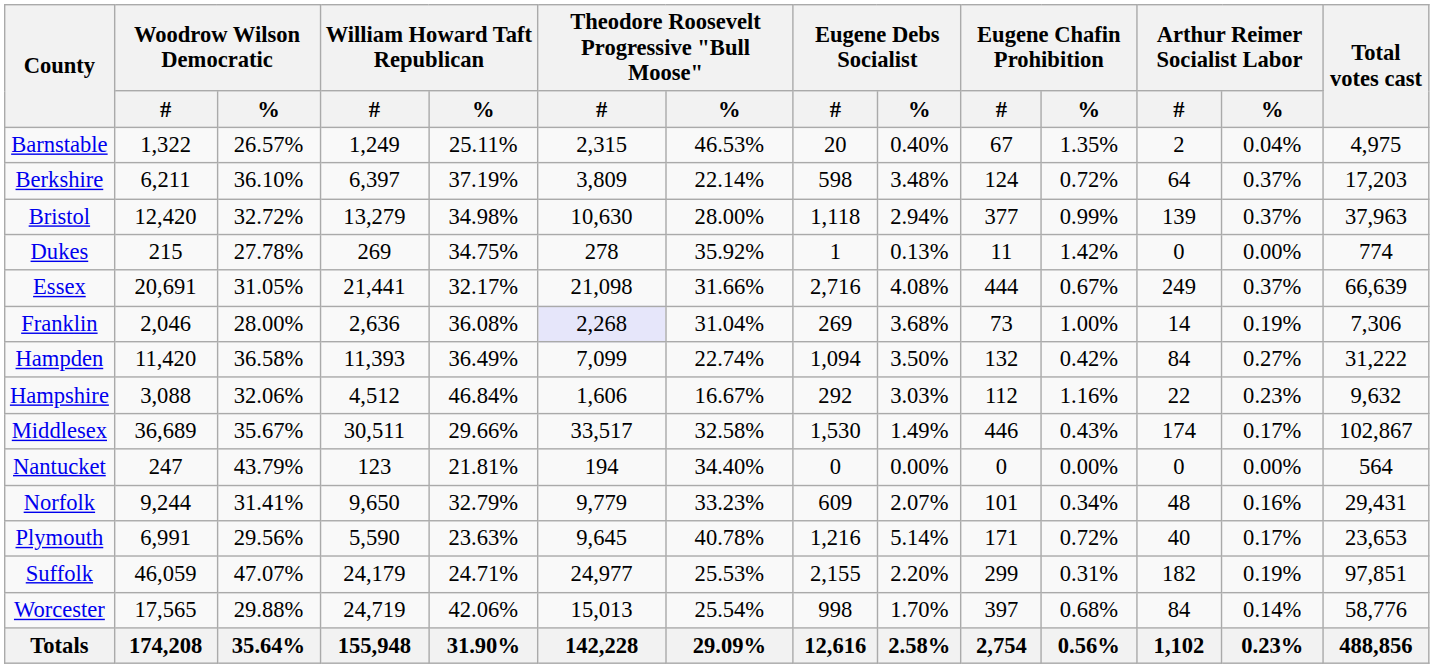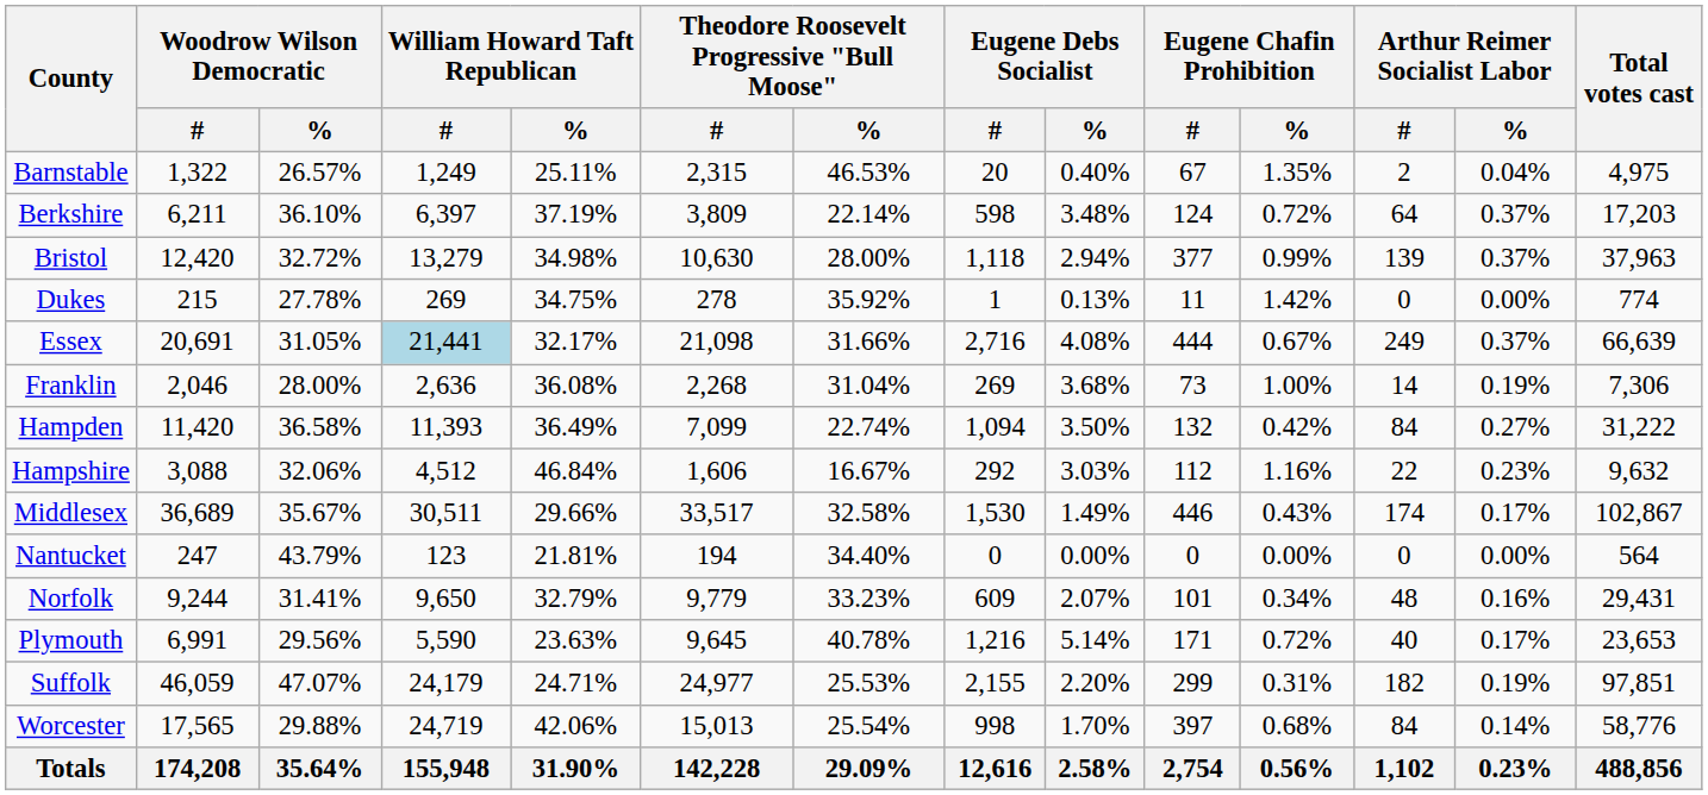 <table width="80%" class="wikitable sortable">
 <tr>
 <th rowspan="2">County</th>
 <th colspan="2">Woodrow Wilson Democratic</th>
 <th colspan="2">William Howard Taft Republican</th>
 <th colspan="2">Theodore Roosevelt Progressive "Bull Moose"</th>
 <th colspan="2">Eugene Debs Socialist</th>
 <th colspan="2">Eugene Chafin Prohibition</th>
 <th colspan="2">Arthur Reimer Socialist Labor</th>
 <th rowspan="2">Total votes cast</th>
 </tr>
 <tr>
 <th>#</th>
 <th>%</th>
 <th>#</th>
 <th>%</th>
 <th>#</th>
 <th>%</th>
 <th>#</th>
 <th>%</th>
 <th>#</th>
 <th>%</th>
 <th>#</th>
 <th>%</th>
 </tr>
 <tr style="text-align:center;">
 <td><a href='#'>Barnstable</a></td>
 <td>1,322</td>
 <td>26.57%</td>
 <td>1,249</td>
 <td>25.11%</td>
 <td>2,315</td>
 <td>46.53%</td>
 <td>20</td>
 <td>0.40%</td>
 <td>67</td>
 <td>1.35%</td>
 <td>2</td>
 <td>0.04%</td>
 <td>4,975</td>
 </tr>
 <tr style="text-align:center;">
 <td><a href='#'>Berkshire</a></td>
 <td>6,211</td>
 <td>36.10%</td>
 <td>6,397</td>
 <td>37.19%</td>
 <td>3,809</td>
 <td>22.14%</td>
 <td>598</td>
 <td>3.48%</td>
 <td>124</td>
 <td>0.72%</td>
 <td>64</td>
 <td>0.37%</td>
 <td>17,203</td>
 </tr>
 <tr style="text-align:center;">
 <td><a href='#'>Bristol</a></td>
 <td>12,420</td>
 <td>32.72%</td>
 <td>13,279</td>
 <td>34.98%</td>
 <td>10,630</td>
 <td>28.00%</td>
 <td>1,118</td>
 <td>2.94%</td>
 <td>377</td>
 <td>0.99%</td>
 <td>139</td>
 <td>0.37%</td>
 <td>37,963</td>
 </tr>
 <tr style="text-align:center;">
 <td><a href='#'>Dukes</a></td>
 <td>215</td>
 <td>27.78%</td>
 <td>269</td>
 <td>34.75%</td>
 <td>278</td>
 <td>35.92%</td>
 <td>1</td>
 <td>0.13%</td>
 <td>11</td>
 <td>1.42%</td>
 <td>0</td>
 <td>0.00%</td>
 <td>774</td>
 </tr>
 <tr style="text-align:center;">
 <td><a href='#'>Essex</a></td>
 <td>20,691</td>
 <td>31.05%</td>
-<td>21,441</td>
+<td style="background: lightblue;">21,441</td>
 <td>32.17%</td>
 <td>21,098</td>
 <td>31.66%</td>
 <td>2,716</td>
 <td>4.08%</td>
 <td>444</td>
 <td>0.67%</td>
 <td>249</td>
 <td>0.37%</td>
 <td>66,639</td>
 </tr>
 <tr style="text-align:center;">
 <td><a href='#'>Franklin</a></td>
 <td>2,046</td>
 <td>28.00%</td>
 <td>2,636</td>
 <td>36.08%</td>
-<td style="background: lavender;">2,268</td>
+<td>2,268</td>
 <td>31.04%</td>
 <td>269</td>
 <td>3.68%</td>
 <td>73</td>
 <td>1.00%</td>
 <td>14</td>
 <td>0.19%</td>
 <td>7,306</td>
 </tr>
 <tr style="text-align:center;">
 <td><a href='#'>Hampden</a></td>
 <td>11,420</td>
 <td>36.58%</td>
 <td>11,393</td>
 <td>36.49%</td>
 <td>7,099</td>
 <td>22.74%</td>
 <td>1,094</td>
 <td>3.50%</td>
 <td>132</td>
 <td>0.42%</td>
 <td>84</td>
 <td>0.27%</td>
 <td>31,222</td>
 </tr>
 <tr style="text-align:center;">
 <td><a href='#'>Hampshire</a></td>
 <td>3,088</td>
 <td>32.06%</td>
 <td>4,512</td>
 <td>46.84%</td>
 <td>1,606</td>
 <td>16.67%</td>
 <td>292</td>
 <td>3.03%</td>
 <td>112</td>
 <td>1.16%</td>
 <td>22</td>
 <td>0.23%</td>
 <td>9,632</td>
 </tr>
 <tr style="text-align:center;">
 <td><a href='#'>Middlesex</a></td>
 <td>36,689</td>
 <td>35.67%</td>
 <td>30,511</td>
 <td>29.66%</td>
 <td>33,517</td>
 <td>32.58%</td>
 <td>1,530</td>
 <td>1.49%</td>
 <td>446</td>
 <td>0.43%</td>
 <td>174</td>
 <td>0.17%</td>
 <td>102,867</td>
 </tr>
 <tr style="text-align:center;">
 <td><a href='#'>Nantucket</a></td>
 <td>247</td>
 <td>43.79%</td>
 <td>123</td>
 <td>21.81%</td>
 <td>194</td>
 <td>34.40%</td>
 <td>0</td>
 <td>0.00%</td>
 <td>0</td>
 <td>0.00%</td>
 <td>0</td>
 <td>0.00%</td>
 <td>564</td>
 </tr>
 <tr style="text-align:center;">
 <td><a href='#'>Norfolk</a></td>
 <td>9,244</td>
 <td>31.41%</td>
 <td>9,650</td>
 <td>32.79%</td>
 <td>9,779</td>
 <td>33.23%</td>
 <td>609</td>
 <td>2.07%</td>
 <td>101</td>
 <td>0.34%</td>
 <td>48</td>
 <td>0.16%</td>
 <td>29,431</td>
 </tr>
 <tr style="text-align:center;">
 <td><a href='#'>Plymouth</a></td>
 <td>6,991</td>
 <td>29.56%</td>
 <td>5,590</td>
 <td>23.63%</td>
 <td>9,645</td>
 <td>40.78%</td>
 <td>1,216</td>
 <td>5.14%</td>
 <td>171</td>
 <td>0.72%</td>
 <td>40</td>
 <td>0.17%</td>
 <td>23,653</td>
 </tr>
 <tr style="text-align:center;">
 <td><a href='#'>Suffolk</a></td>
 <td>46,059</td>
 <td>47.07%</td>
 <td>24,179</td>
 <td>24.71%</td>
 <td>24,977</td>
 <td>25.53%</td>
 <td>2,155</td>
 <td>2.20%</td>
 <td>299</td>
 <td>0.31%</td>
 <td>182</td>
 <td>0.19%</td>
 <td>97,851</td>
 </tr>
 <tr style="text-align:center;">
 <td><a href='#'>Worcester</a></td>
 <td>17,565</td>
 <td>29.88%</td>
 <td>24,719</td>
 <td>42.06%</td>
 <td>15,013</td>
 <td>25.54%</td>
 <td>998</td>
 <td>1.70%</td>
 <td>397</td>
 <td>0.68%</td>
 <td>84</td>
 <td>0.14%</td>
 <td>58,776</td>
 </tr>
 <tr>
 <th>Totals</th>
 <th>174,208</th>
 <th>35.64%</th>
 <th>155,948</th>
 <th>31.90%</th>
 <th>142,228</th>
 <th>29.09%</th>
 <th>12,616</th>
 <th>2.58%</th>
 <th>2,754</th>
 <th>0.56%</th>
 <th>1,102</th>
 <th>0.23%</th>
 <th>488,856</th>
 </tr>
 </table>
